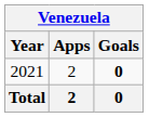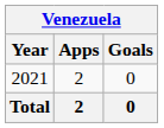 <table class=wikitable style=text-align:center>
 <tr>
 <th colspan=4><a href='#'>Venezuela</a></th>
 </tr>
 <tr>
 <th>Year</th>
 <th>Apps</th>
 <th>Goals</th>
 </tr>
 <tr>
 <td>2021</td>
 <td>2</td>
-<td><strong>0</strong></td>
+<td>0</td>
 </tr>
 <tr>
 <th colspan=1>Total</th>
 <th>2</th>
 <th>0</th>
 </tr>
 </table>
